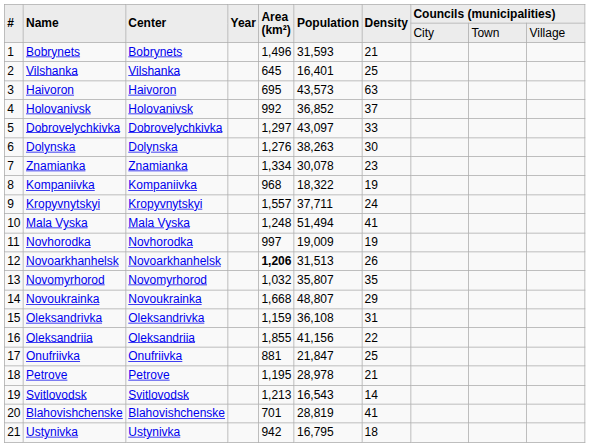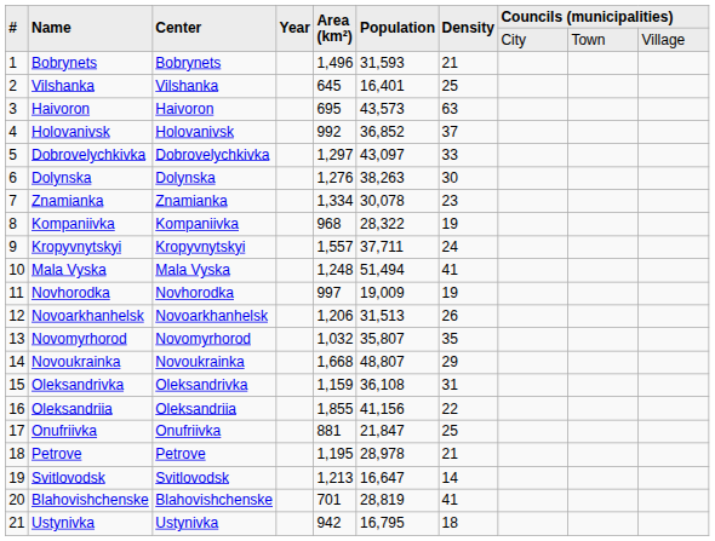 <table class="wikitable">
 <tr bgcolor="#ECECEC">
 <td rowspan=2><strong>#</strong></td>
 <td rowspan=2><strong>Name</strong></td>
 <td rowspan=2><strong>Center</strong></td>
 <td rowspan=2><strong>Year</strong></td>
 <td rowspan=2><strong>Area<br>(km²)</strong></td>
 <td rowspan=2><strong>Population</strong></td>
 <td rowspan=2><strong>Density</strong></td>
 <td colspan=3><strong>Councils (municipalities)</strong></td>
 </tr>
 <tr bgcolor="#ECECEC">
 <td width=10%>City</td>
 <td width=10%>Town</td>
 <td width=10%>Village</td>
 </tr>
 <tr>
 <td>1</td>
 <td><a href='#'>Bobrynets</a></td>
 <td><a href='#'>Bobrynets</a></td>
 <td></td>
 <td>1,496</td>
 <td>31,593</td>
 <td>21</td>
 <td></td>
 <td></td>
 <td></td>
 </tr>
 <tr>
 <td>2</td>
 <td><a href='#'>Vilshanka</a></td>
 <td><a href='#'>Vilshanka</a></td>
 <td></td>
 <td>645</td>
 <td>16,401</td>
 <td>25</td>
 <td></td>
 <td></td>
 <td></td>
 </tr>
 <tr>
 <td>3</td>
 <td><a href='#'>Haivoron</a></td>
 <td><a href='#'>Haivoron</a></td>
 <td></td>
 <td>695</td>
 <td>43,573</td>
 <td>63</td>
 <td></td>
 <td></td>
 <td></td>
 </tr>
 <tr>
 <td>4</td>
 <td><a href='#'>Holovanivsk</a></td>
 <td><a href='#'>Holovanivsk</a></td>
 <td></td>
 <td>992</td>
 <td>36,852</td>
 <td>37</td>
 <td></td>
 <td></td>
 <td></td>
 </tr>
 <tr>
 <td>5</td>
 <td><a href='#'>Dobrovelychkivka</a></td>
 <td><a href='#'>Dobrovelychkivka</a></td>
 <td></td>
 <td>1,297</td>
 <td>43,097</td>
 <td>33</td>
 <td></td>
 <td></td>
 <td></td>
 </tr>
 <tr>
 <td>6</td>
 <td><a href='#'>Dolynska</a></td>
 <td><a href='#'>Dolynska</a></td>
 <td></td>
 <td>1,276</td>
 <td>38,263</td>
 <td>30</td>
 <td></td>
 <td></td>
 <td></td>
 </tr>
 <tr>
 <td>7</td>
 <td><a href='#'>Znamianka</a></td>
 <td><a href='#'>Znamianka</a></td>
 <td></td>
 <td>1,334</td>
 <td>30,078</td>
 <td>23</td>
 <td></td>
 <td></td>
 <td></td>
 </tr>
 <tr>
 <td>8</td>
 <td><a href='#'>Kompaniivka</a></td>
 <td><a href='#'>Kompaniivka</a></td>
 <td></td>
 <td>968</td>
-<td>18,322</td>
+<td>28,322</td>
 <td>19</td>
 <td></td>
 <td></td>
 <td></td>
 </tr>
 <tr>
 <td>9</td>
 <td><a href='#'>Kropyvnytskyi</a></td>
 <td><a href='#'>Kropyvnytskyi</a></td>
 <td></td>
 <td>1,557</td>
 <td>37,711</td>
 <td>24</td>
 <td></td>
 <td></td>
 <td></td>
 </tr>
 <tr>
 <td>10</td>
 <td><a href='#'>Mala Vyska</a></td>
 <td><a href='#'>Mala Vyska</a></td>
 <td></td>
 <td>1,248</td>
 <td>51,494</td>
 <td>41</td>
 <td></td>
 <td></td>
 <td></td>
 </tr>
 <tr>
 <td>11</td>
 <td><a href='#'>Novhorodka</a></td>
 <td><a href='#'>Novhorodka</a></td>
 <td></td>
 <td>997</td>
 <td>19,009</td>
 <td>19</td>
 <td></td>
 <td></td>
 <td></td>
 </tr>
 <tr>
 <td>12</td>
 <td><a href='#'>Novoarkhanhelsk</a></td>
 <td><a href='#'>Novoarkhanhelsk</a></td>
 <td></td>
-<td><strong>1,206</strong></td>
+<td>1,206</td>
 <td>31,513</td>
 <td>26</td>
 <td></td>
 <td></td>
 <td></td>
 </tr>
 <tr>
 <td>13</td>
 <td><a href='#'>Novomyrhorod</a></td>
 <td><a href='#'>Novomyrhorod</a></td>
 <td></td>
 <td>1,032</td>
 <td>35,807</td>
 <td>35</td>
 <td></td>
 <td></td>
 <td></td>
 </tr>
 <tr>
 <td>14</td>
 <td><a href='#'>Novoukrainka</a></td>
 <td><a href='#'>Novoukrainka</a></td>
 <td></td>
 <td>1,668</td>
 <td>48,807</td>
 <td>29</td>
 <td></td>
 <td></td>
 <td></td>
 </tr>
 <tr>
 <td>15</td>
 <td><a href='#'>Oleksandrivka</a></td>
 <td><a href='#'>Oleksandrivka</a></td>
 <td></td>
 <td>1,159</td>
 <td>36,108</td>
 <td>31</td>
 <td></td>
 <td></td>
 <td></td>
 </tr>
 <tr>
 <td>16</td>
 <td><a href='#'>Oleksandriia</a></td>
 <td><a href='#'>Oleksandriia</a></td>
 <td></td>
 <td>1,855</td>
 <td>41,156</td>
 <td>22</td>
 <td></td>
 <td></td>
 <td></td>
 </tr>
 <tr>
 <td>17</td>
 <td><a href='#'>Onufriivka</a></td>
 <td><a href='#'>Onufriivka</a></td>
 <td></td>
 <td>881</td>
 <td>21,847</td>
 <td>25</td>
 <td></td>
 <td></td>
 <td></td>
 </tr>
 <tr>
 <td>18</td>
 <td><a href='#'>Petrove</a></td>
 <td><a href='#'>Petrove</a></td>
 <td></td>
 <td>1,195</td>
 <td>28,978</td>
 <td>21</td>
 <td></td>
 <td></td>
 <td></td>
 </tr>
 <tr>
 <td>19</td>
 <td><a href='#'>Svitlovodsk</a></td>
 <td><a href='#'>Svitlovodsk</a></td>
 <td></td>
 <td>1,213</td>
-<td>16,543</td>
+<td>16,647</td>
 <td>14</td>
 <td></td>
 <td></td>
 <td></td>
 </tr>
 <tr>
 <td>20</td>
 <td><a href='#'>Blahovishchenske</a></td>
 <td><a href='#'>Blahovishchenske</a></td>
 <td></td>
 <td>701</td>
 <td>28,819</td>
 <td>41</td>
 <td></td>
 <td></td>
 <td></td>
 </tr>
 <tr>
 <td>21</td>
 <td><a href='#'>Ustynivka</a></td>
 <td><a href='#'>Ustynivka</a></td>
 <td></td>
 <td>942</td>
 <td>16,795</td>
 <td>18</td>
 <td></td>
 <td></td>
 <td></td>
 </tr>
 </table>
